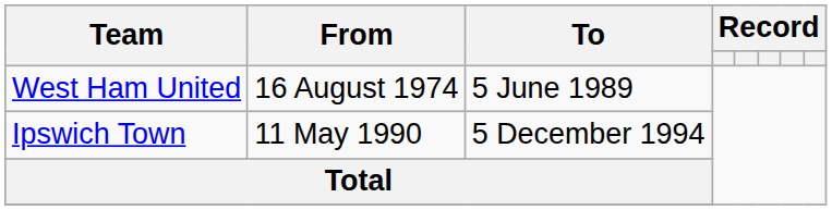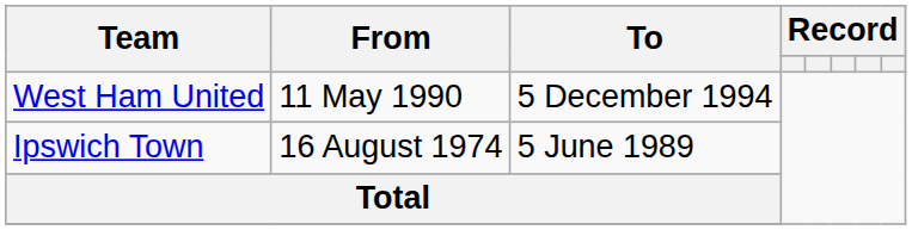 <table class=wikitable style="text-align: center">
 <tr>
 <th rowspan=2>Team</th>
 <th rowspan=2>From</th>
 <th rowspan=2>To</th>
 <th colspan=5>Record</th>
 </tr>
 <tr>
 <th></th>
 <th></th>
 <th></th>
 <th></th>
 <th></th>
 </tr>
 <tr>
 <td align=left><a href='#'>West Ham United</a></td>
-<td align=left>16 August 1974</td>
-<td align=left>5 June 1989<br></td>
+<td align=left>11 May 1990</td>
+<td align=left>5 December 1994<br></td>
 </tr>
 <tr>
 <td align=left><a href='#'>Ipswich Town</a></td>
-<td align=left>11 May 1990</td>
-<td align=left>5 December 1994<br></td>
+<td align=left>16 August 1974</td>
+<td align=left>5 June 1989<br></td>
 </tr>
 <tr>
 <th colspan=3>Total<br></th>
 </tr>
 <tr>
 </tr>
 </table>
